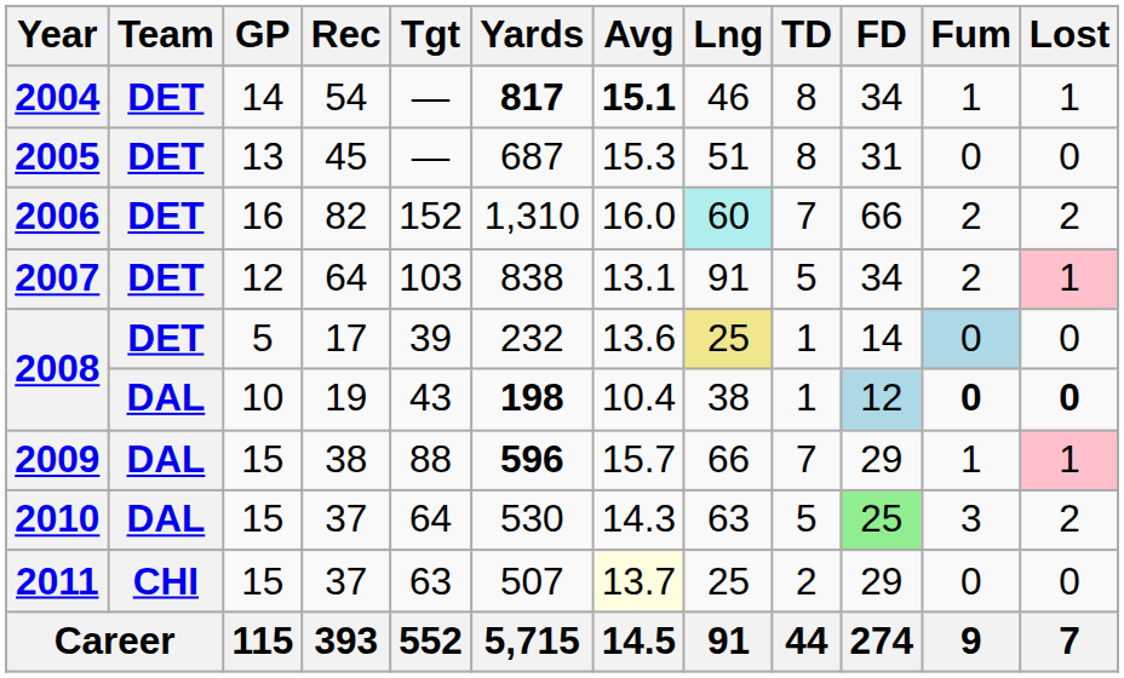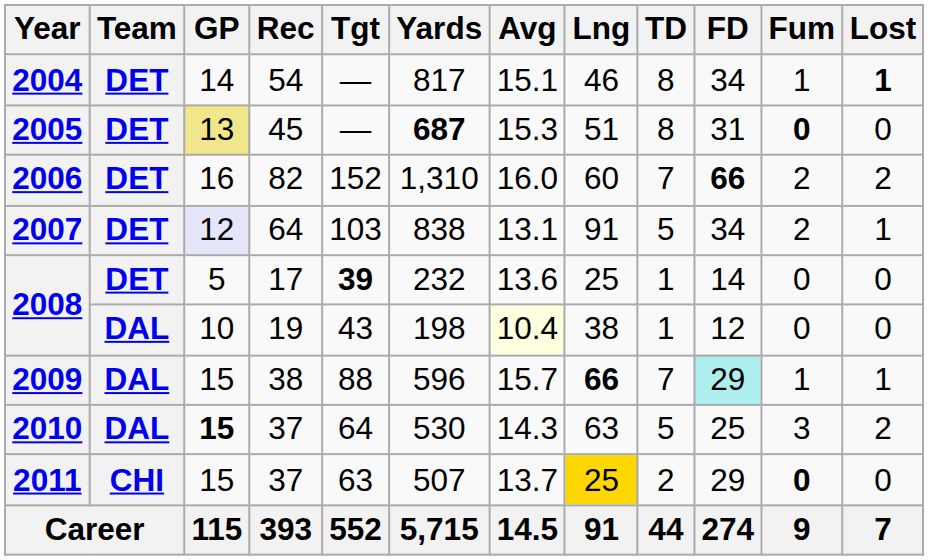 <table class="wikitable" style="text-align: center;">
 <tr>
 <th>Year</th>
 <th>Team</th>
 <th>GP</th>
 <th>Rec</th>
 <th>Tgt</th>
 <th>Yards</th>
 <th>Avg</th>
 <th>Lng</th>
 <th>TD</th>
 <th>FD</th>
 <th>Fum</th>
 <th>Lost</th>
 </tr>
 <tr>
 <th><a href='#'>2004</a></th>
 <th><a href='#'>DET</a></th>
 <td>14</td>
 <td>54</td>
 <td>—</td>
-<td><strong>817</strong></td>
-<td><strong>15.1</strong></td>
+<td>817</td>
+<td>15.1</td>
 <td>46</td>
 <td>8</td>
 <td>34</td>
 <td>1</td>
-<td>1</td>
+<td><strong>1</strong></td>
 </tr>
 <tr>
 <th><a href='#'>2005</a></th>
 <th><a href='#'>DET</a></th>
-<td>13</td>
+<td style="background: khaki;">13</td>
 <td>45</td>
 <td>—</td>
-<td>687</td>
+<td><strong>687</strong></td>
 <td>15.3</td>
 <td>51</td>
 <td>8</td>
 <td>31</td>
-<td>0</td>
+<td><strong>0</strong></td>
 <td>0</td>
 </tr>
 <tr>
 <th><a href='#'>2006</a></th>
 <th><a href='#'>DET</a></th>
 <td>16</td>
 <td>82</td>
 <td>152</td>
 <td>1,310</td>
 <td>16.0</td>
-<td style="background: paleturquoise;">60</td>
+<td>60</td>
 <td>7</td>
-<td>66</td>
+<td><strong>66</strong></td>
 <td>2</td>
 <td>2</td>
 </tr>
 <tr>
 <th><a href='#'>2007</a></th>
 <th><a href='#'>DET</a></th>
-<td>12</td>
+<td style="background: lavender;">12</td>
 <td>64</td>
 <td>103</td>
 <td>838</td>
 <td>13.1</td>
 <td>91</td>
 <td>5</td>
 <td>34</td>
 <td>2</td>
-<td style="background: pink;">1</td>
+<td>1</td>
 </tr>
 <tr>
 <th rowspan="2"><a href='#'>2008</a></th>
 <th><a href='#'>DET</a></th>
 <td>5</td>
 <td>17</td>
-<td>39</td>
+<td><strong>39</strong></td>
 <td>232</td>
 <td>13.6</td>
-<td style="background: khaki;">25</td>
+<td>25</td>
 <td>1</td>
 <td>14</td>
-<td style="background: lightblue;">0</td>
+<td>0</td>
 <td>0</td>
 </tr>
 <tr>
 <th><a href='#'>DAL</a></th>
 <td>10</td>
 <td>19</td>
 <td>43</td>
-<td><strong>198</strong></td>
-<td>10.4</td>
+<td>198</td>
+<td style="background: lightyellow;">10.4</td>
 <td>38</td>
 <td>1</td>
-<td style="background: lightblue;">12</td>
-<td><strong>0</strong></td>
-<td><strong>0</strong></td>
+<td>12</td>
+<td>0</td>
+<td>0</td>
 </tr>
 <tr>
 <th><a href='#'>2009</a></th>
 <th><a href='#'>DAL</a></th>
 <td>15</td>
 <td>38</td>
 <td>88</td>
-<td><strong>596</strong></td>
+<td>596</td>
 <td>15.7</td>
-<td>66</td>
+<td><strong>66</strong></td>
 <td>7</td>
-<td>29</td>
+<td style="background: paleturquoise;">29</td>
 <td>1</td>
-<td style="background: pink;">1</td>
+<td>1</td>
 </tr>
 <tr>
 <th><a href='#'>2010</a></th>
 <th><a href='#'>DAL</a></th>
-<td>15</td>
+<td><strong>15</strong></td>
 <td>37</td>
 <td>64</td>
 <td>530</td>
 <td>14.3</td>
 <td>63</td>
 <td>5</td>
-<td style="background: lightgreen;">25</td>
+<td>25</td>
 <td>3</td>
 <td>2</td>
 </tr>
 <tr>
 <th><a href='#'>2011</a></th>
 <th><a href='#'>CHI</a></th>
 <td>15</td>
 <td>37</td>
 <td>63</td>
 <td>507</td>
-<td style="background: lightyellow;">13.7</td>
-<td>25</td>
+<td>13.7</td>
+<td style="background: gold;">25</td>
 <td>2</td>
 <td>29</td>
-<td>0</td>
+<td><strong>0</strong></td>
 <td>0</td>
 </tr>
 <tr>
 <th colspan="2">Career</th>
 <th>115</th>
 <th>393</th>
 <th>552</th>
 <th>5,715</th>
 <th>14.5</th>
 <th>91</th>
 <th>44</th>
 <th>274</th>
 <th>9</th>
 <th>7</th>
 </tr>
 </table>
